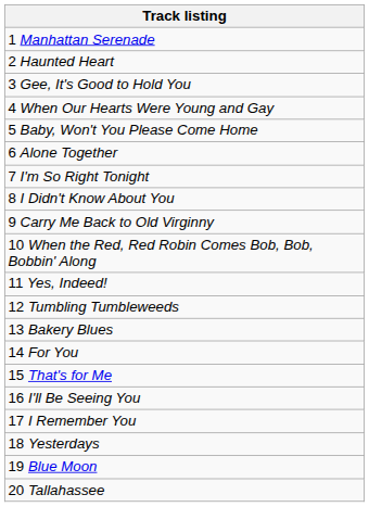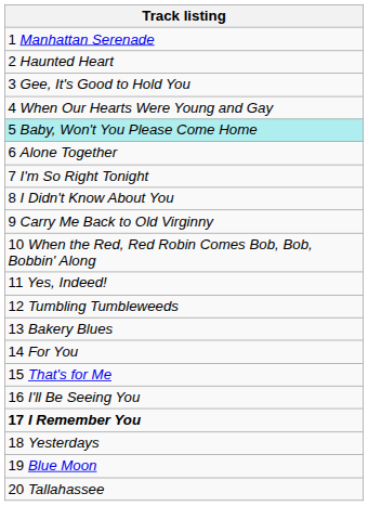 <table class="wikitable collapsible collapsed" style="width:400px;">
 <tr>
 <th>Track listing</th>
 </tr>
 <tr>
 <td>1 <em><a href='#'>Manhattan Serenade</a></em></td>
 </tr>
 <tr>
 <td>2 <em>Haunted Heart</em></td>
 </tr>
 <tr>
 <td>3 <em>Gee, It's Good to Hold You</em></td>
 </tr>
 <tr>
 <td>4 <em>When Our Hearts Were Young and Gay</em></td>
 </tr>
 <tr>
-<td>5 <em>Baby, Won't You Please Come Home</em></td>
+<td style="background: paleturquoise;">5 <em>Baby, Won't You Please Come Home</em></td>
 </tr>
 <tr>
 <td>6 <em>Alone Together</em></td>
 </tr>
 <tr>
 <td>7 <em>I'm So Right Tonight</em></td>
 </tr>
 <tr>
 <td>8 <em>I Didn't Know About You</em></td>
 </tr>
 <tr>
 <td>9 <em>Carry Me Back to Old Virginny</em></td>
 </tr>
 <tr>
 <td>10 <em>When the Red, Red Robin Comes Bob, Bob, Bobbin' Along</em></td>
 </tr>
 <tr>
 <td>11 <em>Yes, Indeed!</em></td>
 </tr>
 <tr>
 <td>12 <em>Tumbling Tumbleweeds</em></td>
 </tr>
 <tr>
 <td>13 <em>Bakery Blues</em></td>
 </tr>
 <tr>
 <td>14 <em>For You</em></td>
 </tr>
 <tr>
 <td>15 <em><a href='#'>That's for Me</a></em></td>
 </tr>
 <tr>
 <td>16 <em>I'll Be Seeing You</em></td>
 </tr>
 <tr>
-<td>17 <em>I Remember You</em></td>
+<td><strong>17 <em>I Remember You</em></strong></td>
 </tr>
 <tr>
 <td>18 <em>Yesterdays</em></td>
 </tr>
 <tr>
 <td>19 <em><a href='#'>Blue Moon</a></em></td>
 </tr>
 <tr>
 <td>20 <em>Tallahassee</em></td>
 </tr>
 </table>
